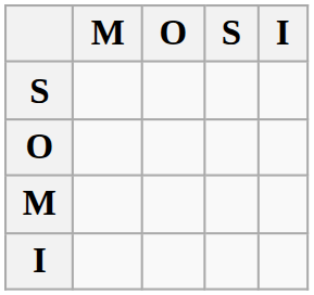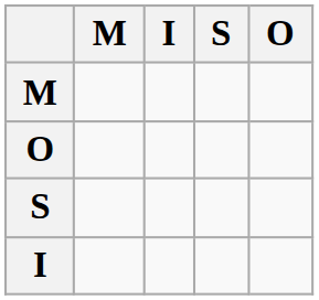 <table class=wikitable style=text-align:center>
 <tr>
 <th></th>
 <th> M </th>
+<th> I </th>
+<th> S </th>
 <th> O </th>
-<th> S </th>
-<th> I </th>
 </tr>
 <tr>
-<th> S </th>
+<th> M </th>
 <td></td>
 <td></td>
 <td></td>
 <td></td>
 </tr>
 <tr>
 <th> O </th>
 <td></td>
 <td></td>
 <td></td>
 <td></td>
 </tr>
 <tr>
-<th> M </th>
+<th> S </th>
 <td></td>
 <td></td>
 <td></td>
 <td></td>
 </tr>
 <tr>
 <th> I </th>
 <td></td>
 <td></td>
 <td></td>
 <td></td>
 </tr>
 </table>
